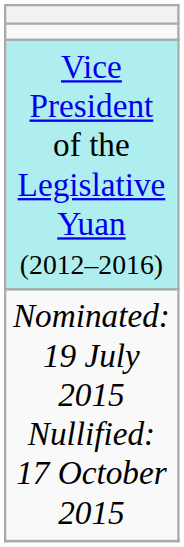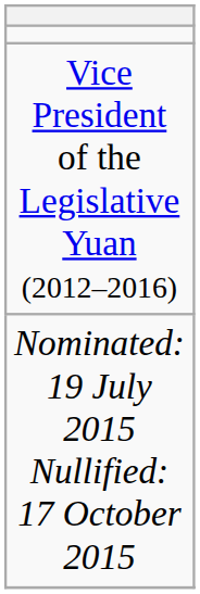 <table class="wikitable" style="font-size:90%">
 <tr>
 <th scope="col" style="width:3em; font-size:120%; background:"></th>
 </tr>
 <tr>
 <td></td>
 </tr>
 <tr style="text-align:center">
-<td style="background: paleturquoise;"><a href='#'>Vice President</a> of the<br><a href='#'>Legislative Yuan</a><br><small>(2012–2016)</small></td>
+<td><a href='#'>Vice President</a> of the<br><a href='#'>Legislative Yuan</a><br><small>(2012–2016)</small></td>
 </tr>
 <tr style="text-align:center">
 <td><em>Nominated: 19 July 2015</em><br><em>Nullified: 17 October 2015</em><br></td>
 </tr>
 <tr>
 </tr>
 </table>
